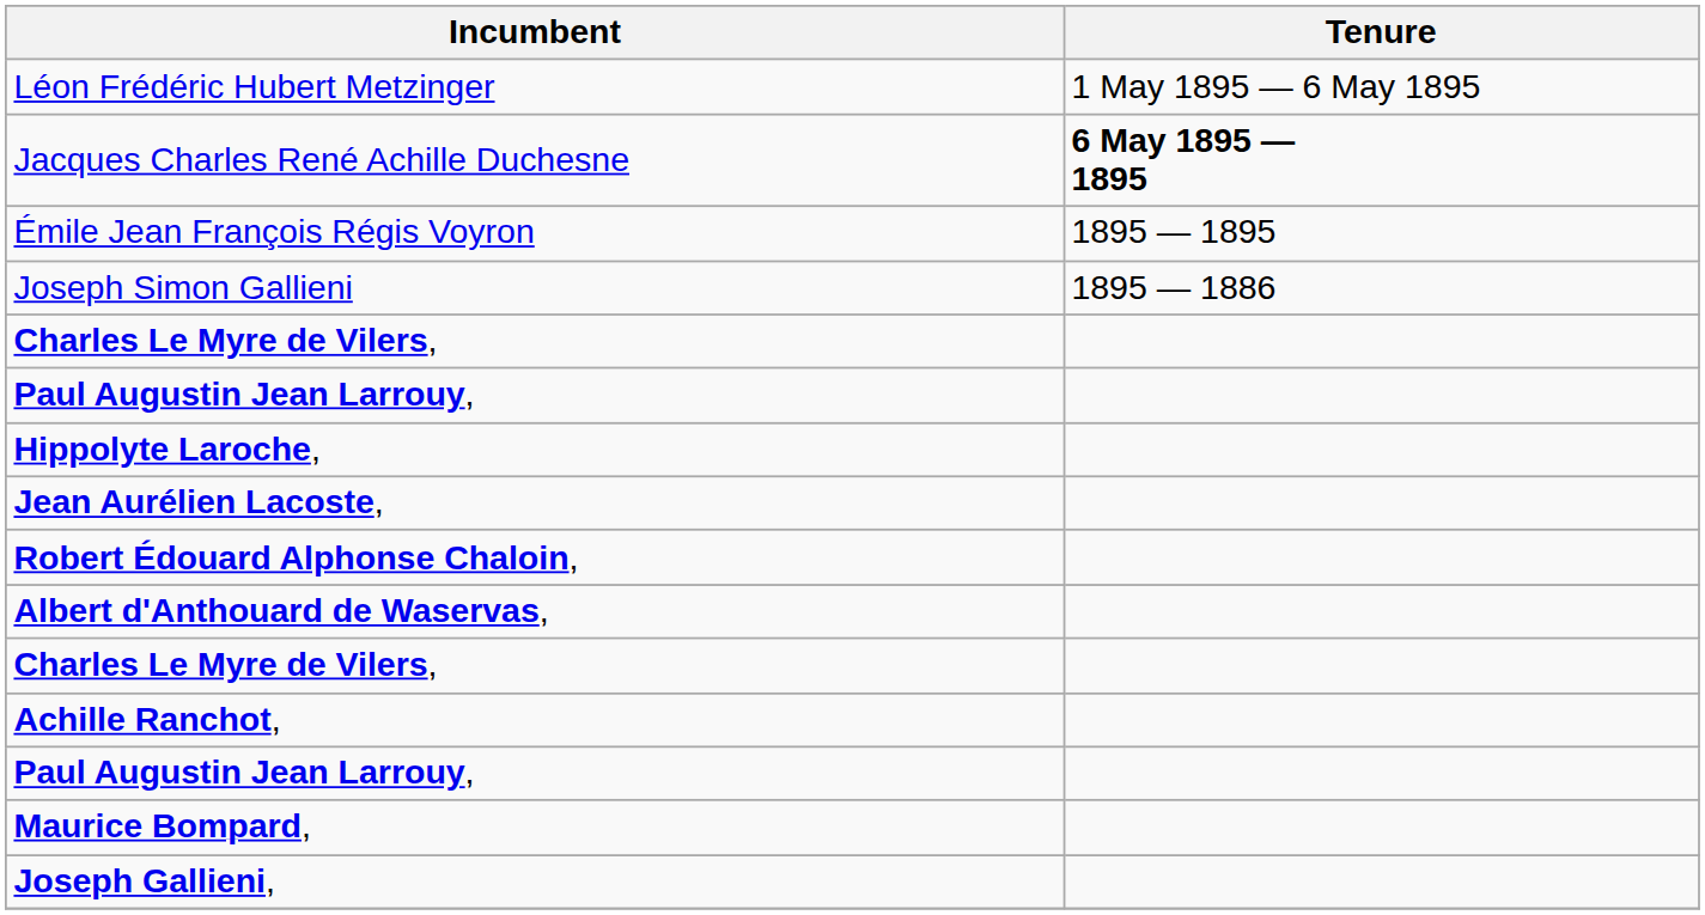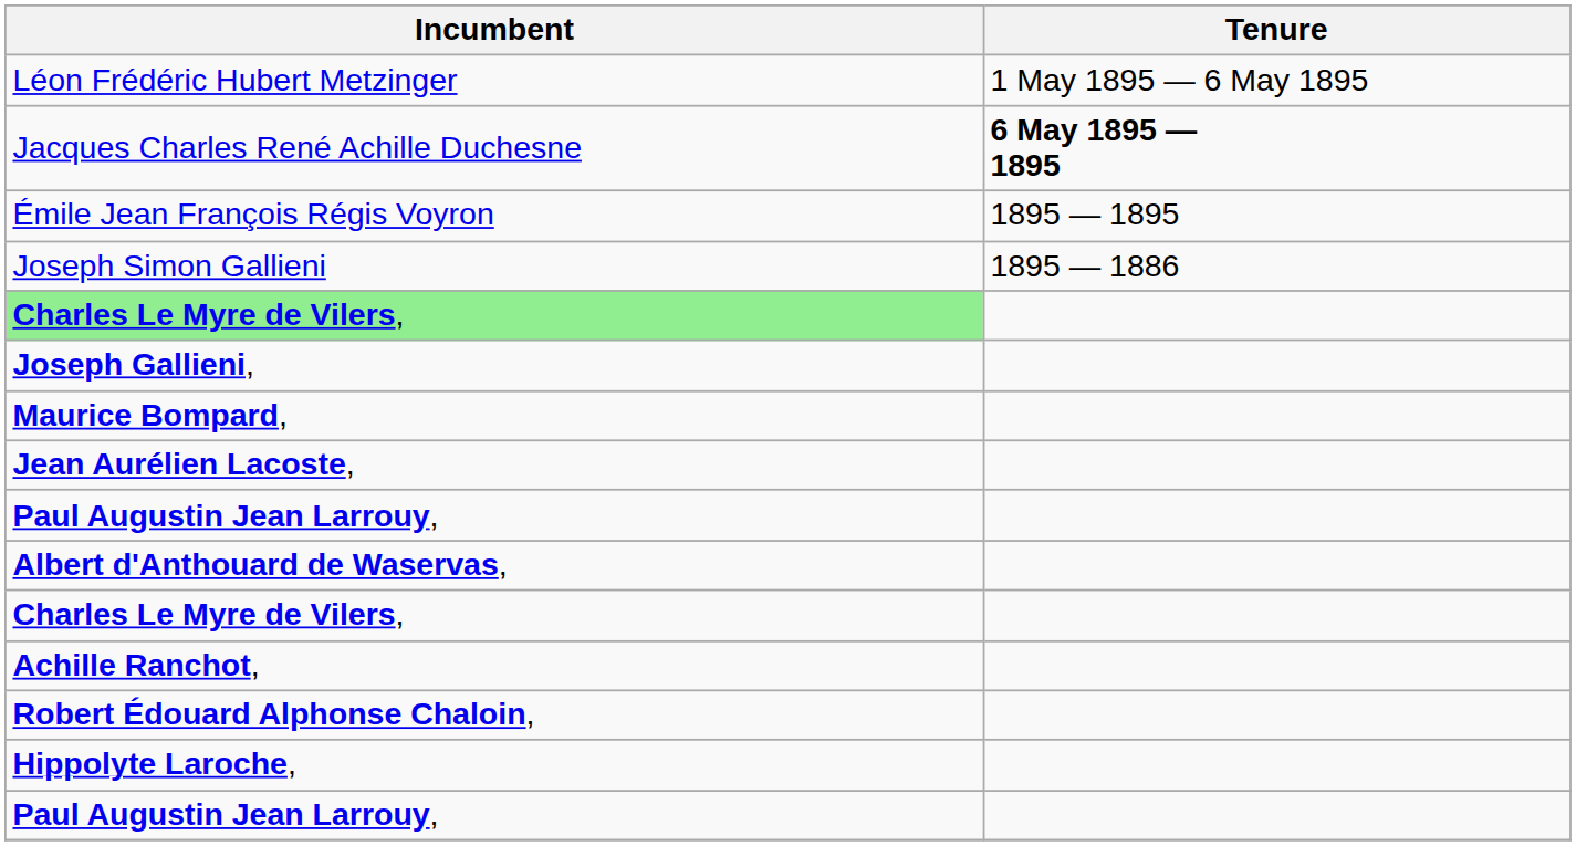 <table class="wikitable" width="90%">
 <tr>
 <th width="50%">Incumbent</th>
 <th width="30%">Tenure</th>
 </tr>
 <tr>
 <td><a href='#'>Léon Frédéric Hubert Metzinger</a>     </td>
 <td>1 May 1895 — 6 May 1895</td>
 </tr>
 <tr>
 <td><a href='#'>Jacques Charles René Achille Duchesne</a></td>
 <td><strong>6 May 1895  —<br>1895</strong></td>
 </tr>
 <tr>
 <td><a href='#'>Émile Jean François Régis Voyron</a></td>
 <td>1895 — 1895</td>
 </tr>
 <tr>
 <td><a href='#'>Joseph Simon Gallieni</a></td>
 <td>1895  — 1886</td>
 </tr>
 <tr valign="top">
-<td><strong><a href='#'>Charles Le Myre de Vilers</a></strong>, </td>
+<td style="background: lightgreen;"><strong><a href='#'>Charles Le Myre de Vilers</a></strong>, </td>
 <td></td>
 </tr>
 <tr valign="top">
-<td><strong><a href='#'>Paul Augustin Jean Larrouy</a></strong>, </td>
+<td><strong><a href='#'>Joseph Gallieni</a></strong>, </td>
 <td></td>
 </tr>
 <tr valign="top">
-<td><strong><a href='#'>Hippolyte Laroche</a></strong>, </td>
+<td><strong><a href='#'>Maurice Bompard</a></strong>, </td>
 <td></td>
 </tr>
 <tr valign="top">
 <td><strong><a href='#'>Jean Aurélien Lacoste</a></strong>, </td>
 <td></td>
 </tr>
 <tr valign="top">
-<td><strong><a href='#'>Robert Édouard Alphonse Chaloin</a></strong>, </td>
+<td><strong><a href='#'>Paul Augustin Jean Larrouy</a></strong>, </td>
 <td></td>
 </tr>
 <tr valign="top">
 <td><strong><a href='#'>Albert d'Anthouard de Waservas</a></strong>, </td>
 <td></td>
 </tr>
 <tr valign="top">
 <td><strong><a href='#'>Charles Le Myre de Vilers</a></strong>, </td>
 <td></td>
 </tr>
 <tr valign="top">
 <td><strong><a href='#'>Achille Ranchot</a></strong>, </td>
 <td></td>
 </tr>
 <tr valign="top">
-<td><strong><a href='#'>Paul Augustin Jean Larrouy</a></strong>, </td>
+<td><strong><a href='#'>Robert Édouard Alphonse Chaloin</a></strong>, </td>
 <td></td>
 </tr>
 <tr valign="top">
-<td><strong><a href='#'>Maurice Bompard</a></strong>, </td>
+<td><strong><a href='#'>Hippolyte Laroche</a></strong>, </td>
 <td></td>
 </tr>
 <tr valign="top">
-<td><strong><a href='#'>Joseph Gallieni</a></strong>, </td>
+<td><strong><a href='#'>Paul Augustin Jean Larrouy</a></strong>, </td>
 <td></td>
 </tr>
 <tr valign="top">
 </tr>
 </table>
